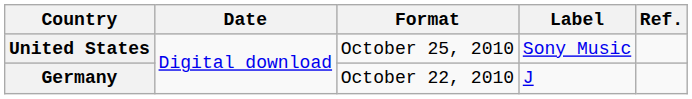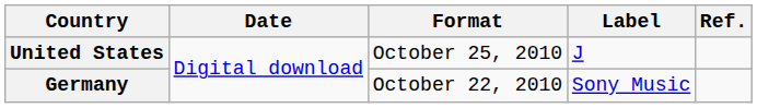 <table class="wikitable plainrowheaders">
 <tr>
 <th scope="col">Country</th>
 <th scope="col">Date</th>
 <th scope="col">Format</th>
 <th scope="col">Label</th>
 <th scope="col">Ref.</th>
 </tr>
 <tr>
 <th scope="row">United States</th>
 <td rowspan="2"><a href='#'>Digital download</a></td>
 <td>October 25, 2010</td>
-<td><a href='#'>Sony Music</a></td>
+<td><a href='#'>J</a></td>
 <td></td>
 </tr>
 <tr>
 <th scope="row">Germany</th>
 <td>October 22, 2010</td>
-<td><a href='#'>J</a></td>
+<td><a href='#'>Sony Music</a></td>
 <td></td>
 </tr>
 </table>
